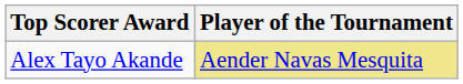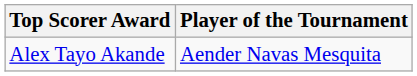 <table class="wikitable" style="margin: 0 auto;">
 <tr>
 <th>Top Scorer Award</th>
 <th>Player of the Tournament</th>
 </tr>
 <tr>
 <td> <a href='#'>Alex Tayo Akande</a></td>
-<td style="background: khaki;"> <a href='#'>Aender Navas Mesquita</a></td>
+<td> <a href='#'>Aender Navas Mesquita</a></td>
 </tr>
 </table>
